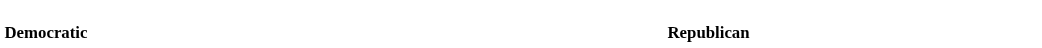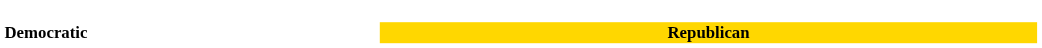 <table style="width:100%; text-align:center">
 <tr style="color:white">
 <td style="background:"><strong>9</strong></td>
 <td style="background:"><strong>39</strong></td>
 </tr>
 <tr>
 <td style="color:"><strong>Democratic</strong></td>
-<td style="color:"><strong>Republican</strong></td>
+<td style="background: gold; color:"><strong>Republican</strong></td>
 </tr>
 </table>
